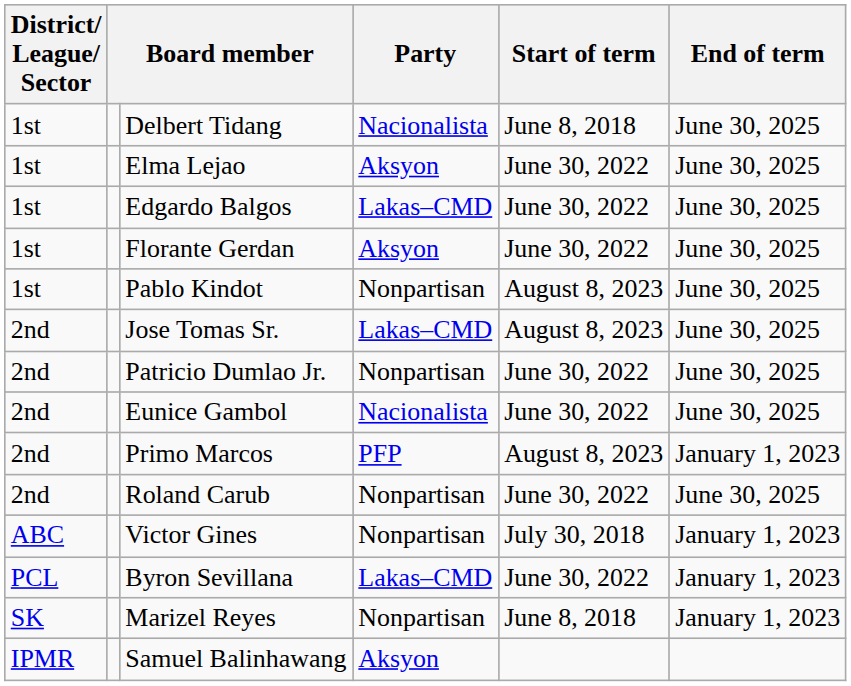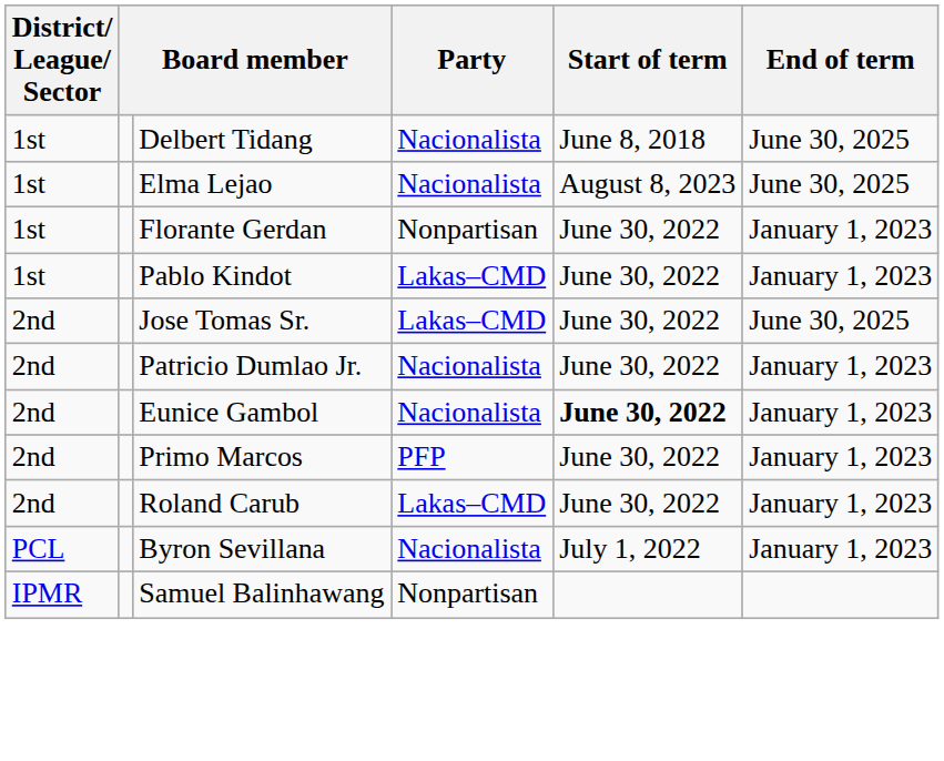 <table class="wikitable">
 <tr>
 <th>District/<br>League/<br>Sector</th>
 <th colspan="2">Board member</th>
 <th>Party</th>
 <th>Start of term</th>
 <th>End of term</th>
 </tr>
 <tr>
 <td>1st</td>
 <td></td>
 <td>Delbert Tidang</td>
 <td><a href='#'>Nacionalista</a></td>
 <td>June 8, 2018</td>
 <td>June 30, 2025</td>
 </tr>
 <tr>
 <td>1st</td>
 <td></td>
 <td>Elma Lejao</td>
-<td><a href='#'>Aksyon</a></td>
-<td>June 30, 2022</td>
-<td>June 30, 2025</td>
-</tr>
-<tr>
-<td>1st</td>
-<td></td>
-<td>Edgardo Balgos</td>
-<td><a href='#'>Lakas–CMD</a></td>
-<td>June 30, 2022</td>
+<td><a href='#'>Nacionalista</a></td>
+<td>August 8, 2023</td>
 <td>June 30, 2025</td>
 </tr>
 <tr>
 <td>1st</td>
 <td></td>
 <td>Florante Gerdan</td>
-<td><a href='#'>Aksyon</a></td>
+<td>Nonpartisan</td>
 <td>June 30, 2022</td>
-<td>June 30, 2025</td>
+<td>January 1, 2023</td>
 </tr>
 <tr>
 <td>1st</td>
 <td></td>
 <td>Pablo Kindot</td>
-<td>Nonpartisan</td>
-<td>August 8, 2023</td>
-<td>June 30, 2025</td>
+<td><a href='#'>Lakas–CMD</a></td>
+<td>June 30, 2022</td>
+<td>January 1, 2023</td>
 </tr>
 <tr>
 <td>2nd</td>
 <td></td>
 <td>Jose Tomas Sr.</td>
 <td><a href='#'>Lakas–CMD</a></td>
-<td>August 8, 2023</td>
+<td>June 30, 2022</td>
 <td>June 30, 2025</td>
 </tr>
 <tr>
 <td>2nd</td>
 <td></td>
 <td>Patricio Dumlao Jr.</td>
-<td>Nonpartisan</td>
+<td><a href='#'>Nacionalista</a></td>
 <td>June 30, 2022</td>
-<td>June 30, 2025</td>
+<td>January 1, 2023</td>
 </tr>
 <tr>
 <td>2nd</td>
 <td></td>
 <td>Eunice Gambol</td>
 <td><a href='#'>Nacionalista</a></td>
-<td>June 30, 2022</td>
-<td>June 30, 2025</td>
+<td><strong>June 30, 2022</strong></td>
+<td>January 1, 2023</td>
 </tr>
 <tr>
 <td>2nd</td>
 <td></td>
 <td>Primo Marcos</td>
 <td><a href='#'>PFP</a></td>
-<td>August 8, 2023</td>
+<td>June 30, 2022</td>
 <td>January 1, 2023</td>
 </tr>
 <tr>
 <td>2nd</td>
 <td></td>
 <td>Roland Carub</td>
-<td>Nonpartisan</td>
+<td><a href='#'>Lakas–CMD</a></td>
 <td>June 30, 2022</td>
-<td>June 30, 2025</td>
-</tr>
-<tr>
-<td><a href='#'>ABC</a></td>
-<td></td>
-<td>Victor Gines</td>
-<td>Nonpartisan</td>
-<td>July 30, 2018</td>
 <td>January 1, 2023</td>
 </tr>
 <tr>
 <td><a href='#'>PCL</a></td>
 <td></td>
 <td>Byron Sevillana</td>
-<td><a href='#'>Lakas–CMD</a></td>
-<td>June 30, 2022</td>
-<td>January 1, 2023</td>
-</tr>
-<tr>
-<td><a href='#'>SK</a></td>
-<td></td>
-<td>Marizel Reyes</td>
-<td>Nonpartisan</td>
-<td>June 8, 2018</td>
+<td><a href='#'>Nacionalista</a></td>
+<td>July 1, 2022</td>
 <td>January 1, 2023</td>
 </tr>
 <tr>
 <td><a href='#'>IPMR</a></td>
 <td></td>
 <td>Samuel Balinhawang</td>
-<td><a href='#'>Aksyon</a></td>
+<td>Nonpartisan</td>
 <td></td>
 <td></td>
 </tr>
 </table>
